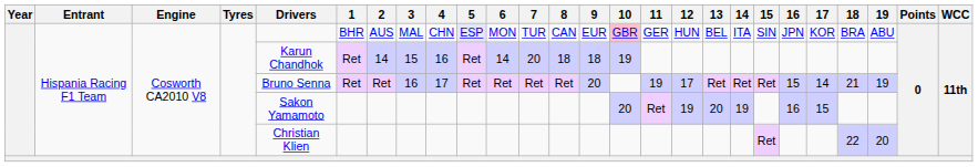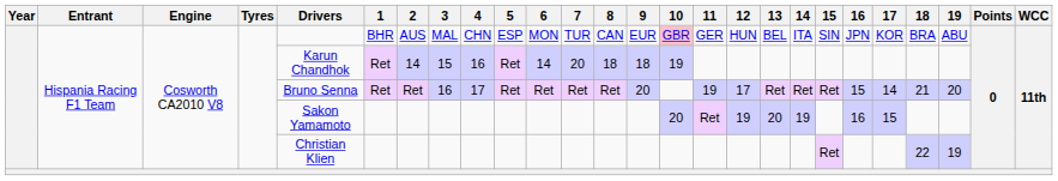 <table class="wikitable" style="text-align:center; font-size:95%">
 <tr>
 <th scope="col">Year</th>
 <th scope="col">Entrant</th>
 <th scope="col">Engine</th>
 <th scope="col">Tyres</th>
 <th scope="col">Drivers</th>
 <th scope="col">1</th>
 <th scope="col">2</th>
 <th scope="col">3</th>
 <th scope="col">4</th>
 <th scope="col">5</th>
 <th scope="col">6</th>
 <th scope="col">7</th>
 <th scope="col">8</th>
 <th scope="col">9</th>
 <th scope="col">10</th>
 <th scope="col">11</th>
 <th scope="col">12</th>
 <th scope="col">13</th>
 <th scope="col">14</th>
 <th scope="col">15</th>
 <th scope="col">16</th>
 <th scope="col">17</th>
 <th scope="col">18</th>
 <th scope="col">19</th>
 <th scope="col">Points</th>
 <th scope="col">WCC</th>
 </tr>
 <tr>
 <th scope="row" rowspan=5></th>
 <td rowspan=5><a href='#'>Hispania Racing F1 Team</a></td>
 <td rowspan=5><a href='#'>Cosworth</a> CA2010 <a href='#'>V8</a></td>
 <td rowspan=5></td>
 <td></td>
 <td><a href='#'>BHR</a></td>
 <td><a href='#'>AUS</a></td>
 <td><a href='#'>MAL</a></td>
 <td><a href='#'>CHN</a></td>
-<td style="background: lavender;"><a href='#'>ESP</a></td>
+<td><a href='#'>ESP</a></td>
 <td><a href='#'>MON</a></td>
 <td><a href='#'>TUR</a></td>
 <td><a href='#'>CAN</a></td>
 <td><a href='#'>EUR</a></td>
 <td style="background: pink;"><a href='#'>GBR</a></td>
 <td><a href='#'>GER</a></td>
 <td><a href='#'>HUN</a></td>
 <td><a href='#'>BEL</a></td>
 <td><a href='#'>ITA</a></td>
 <td><a href='#'>SIN</a></td>
 <td><a href='#'>JPN</a></td>
 <td><a href='#'>KOR</a></td>
 <td><a href='#'>BRA</a></td>
 <td><a href='#'>ABU</a></td>
 <th rowspan=5>0</th>
 <th rowspan=5>11th</th>
 </tr>
 <tr>
 <td> <a href='#'>Karun Chandhok</a></td>
 <td style="background:#EFCFFF;">Ret</td>
 <td style="background:#CFCFFF;">14</td>
 <td style="background:#CFCFFF;">15</td>
 <td style="background:#CFCFFF;">16</td>
 <td style="background:#EFCFFF;">Ret</td>
 <td style="background:#CFCFFF;">14</td>
 <td style="background:#CFCFFF;">20</td>
 <td style="background:#CFCFFF;">18</td>
 <td style="background:#CFCFFF;">18</td>
 <td style="background:#CFCFFF;">19</td>
 <td></td>
 <td></td>
 <td></td>
 <td></td>
 <td></td>
 <td></td>
 <td></td>
 <td></td>
 <td></td>
 </tr>
 <tr>
 <td> <a href='#'>Bruno Senna</a></td>
 <td style="background:#EFCFFF;">Ret</td>
 <td style="background:#EFCFFF;">Ret</td>
 <td style="background:#CFCFFF;">16</td>
 <td style="background:#CFCFFF;">17</td>
 <td style="background:#EFCFFF;">Ret</td>
 <td style="background:#EFCFFF;">Ret</td>
 <td style="background:#EFCFFF;">Ret</td>
 <td style="background:#EFCFFF;">Ret</td>
 <td style="background:#CFCFFF;">20</td>
 <td></td>
 <td style="background:#CFCFFF;">19</td>
 <td style="background:#CFCFFF;">17</td>
 <td style="background:#EFCFFF;">Ret</td>
 <td style="background:#EFCFFF;">Ret</td>
 <td style="background:#EFCFFF;">Ret</td>
 <td style="background:#CFCFFF;">15</td>
 <td style="background:#CFCFFF;">14</td>
 <td style="background:#CFCFFF;">21</td>
-<td style="background:#CFCFFF;">19</td>
+<td style="background:#CFCFFF;">20</td>
 </tr>
 <tr>
 <td> <a href='#'>Sakon Yamamoto</a></td>
 <td></td>
 <td></td>
 <td></td>
 <td></td>
 <td></td>
 <td></td>
 <td></td>
 <td></td>
 <td></td>
 <td style="background:#CFCFFF;">20</td>
 <td style="background:#EFCFFF;">Ret</td>
 <td style="background:#CFCFFF;">19</td>
 <td style="background:#CFCFFF;">20</td>
 <td style="background:#CFCFFF;">19</td>
 <td></td>
 <td style="background:#CFCFFF;">16</td>
 <td style="background:#CFCFFF;">15</td>
 <td></td>
 <td></td>
 </tr>
 <tr>
 <td> <a href='#'>Christian Klien</a></td>
 <td></td>
 <td></td>
 <td></td>
 <td></td>
 <td></td>
 <td></td>
 <td></td>
 <td></td>
 <td></td>
 <td></td>
 <td></td>
 <td></td>
 <td></td>
 <td></td>
 <td style="background:#EFCFFF;">Ret</td>
 <td></td>
 <td></td>
 <td style="background:#CFCFFF;">22</td>
-<td style="background:#CFCFFF;">20</td>
+<td style="background:#CFCFFF;">19</td>
 </tr>
 <tr>
 <th colspan="26"></th>
 </tr>
 </table>
